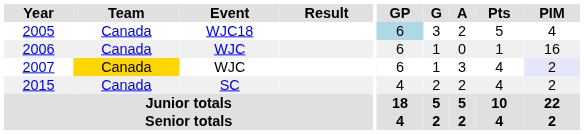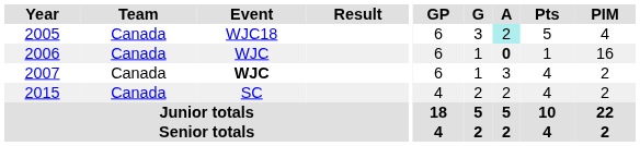 <table border="0" cellpadding="1" cellspacing="0" ID="Table3" style="text-align:center; width:40em">
 <tr ALIGN="centre" bgcolor="#e0e0e0">
 <th>Year</th>
 <th>Team</th>
 <th>Event</th>
 <th>Result</th>
 <th rowspan="99" bgcolor="#ffffff"></th>
 <th>GP</th>
 <th>G</th>
 <th>A</th>
 <th>Pts</th>
 <th>PIM</th>
 </tr>
 <tr>
 <td><a href='#'>2005</a></td>
 <td><a href='#'>Canada</a></td>
 <td><a href='#'>WJC18</a></td>
 <td></td>
-<td style="background: lightblue;">6</td>
+<td>6</td>
 <td>3</td>
-<td>2</td>
+<td style="background: paleturquoise;">2</td>
 <td>5</td>
 <td>4</td>
 </tr>
 <tr bgcolor="#f0f0f0">
 <td><a href='#'>2006</a></td>
 <td><a href='#'>Canada</a></td>
 <td><a href='#'>WJC</a></td>
 <td></td>
 <td>6</td>
 <td>1</td>
-<td>0</td>
+<td><strong>0</strong></td>
 <td>1</td>
 <td>16</td>
 </tr>
 <tr>
 <td><a href='#'>2007</a></td>
-<td style="background: gold;">Canada</td>
-<td>WJC</td>
+<td>Canada</td>
+<td><strong>WJC</strong></td>
 <td></td>
 <td>6</td>
 <td>1</td>
 <td>3</td>
 <td>4</td>
-<td style="background: lavender;">2</td>
+<td>2</td>
 </tr>
 <tr bgcolor="#f0f0f0">
 <td><a href='#'>2015</a></td>
 <td><a href='#'>Canada</a></td>
 <td><a href='#'>SC</a></td>
 <td></td>
 <td>4</td>
 <td>2</td>
 <td>2</td>
 <td>4</td>
 <td>2</td>
 </tr>
 <tr bgcolor="#e0e0e0">
 <th colspan="4">Junior totals</th>
 <th>18</th>
 <th>5</th>
 <th>5</th>
 <th>10</th>
 <th>22</th>
 </tr>
 <tr bgcolor="#e0e0e0">
 <th colspan="4">Senior totals</th>
 <th>4</th>
 <th>2</th>
 <th>2</th>
 <th>4</th>
 <th>2</th>
 </tr>
 </table>
